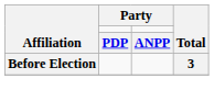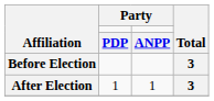 <table class=wikitable style="text-align:center">
 <tr style="vertical-align:bottom;">
 <th rowspan=3>Affiliation</th>
 <th colspan=2>Party</th>
 <th rowspan=3>Total</th>
 </tr>
 <tr>
 <td style="background-color:"></td>
 <td style="background-color:"></td>
 </tr>
 <tr>
 <th><a href='#'>PDP</a></th>
 <th><a href='#'>ANPP</a></th>
 </tr>
 <tr>
 <th>Before Election</th>
 <td></td>
 <td></td>
 <th>3</th>
 </tr>
 <tr>
+<th>After Election</th>
+<td>1</td>
+<td>1</td>
+<th>3</th>
+</tr>
+<tr>
 </tr>
 </table>
